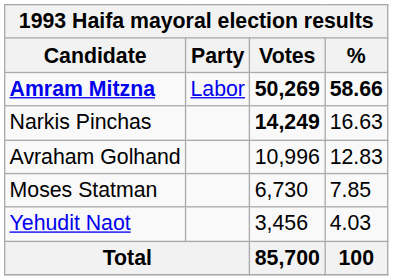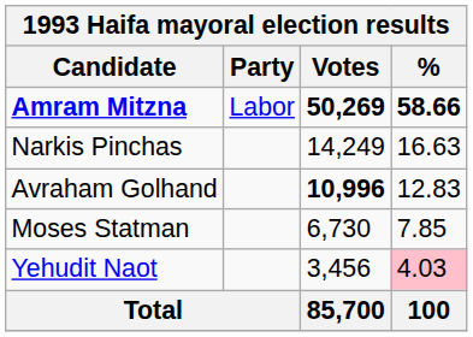 <table class="wikitable sortable">
 <tr>
 <th colspan=4><strong>1993 Haifa mayoral election results</strong></th>
 </tr>
 <tr>
 <th>Candidate</th>
 <th>Party</th>
 <th>Votes</th>
 <th>%</th>
 </tr>
 <tr>
 <td><strong><a href='#'>Amram Mitzna</a></strong></td>
 <td><a href='#'>Labor</a></td>
 <td><strong>50,269</strong></td>
 <td><strong>58.66</strong></td>
 </tr>
 <tr>
 <td>Narkis Pinchas</td>
 <td></td>
-<td><strong>14,249</strong></td>
+<td>14,249</td>
 <td>16.63</td>
 </tr>
 <tr>
 <td>Avraham Golhand</td>
 <td></td>
-<td>10,996</td>
+<td><strong>10,996</strong></td>
 <td>12.83</td>
 </tr>
 <tr>
 <td>Moses Statman</td>
 <td></td>
 <td>6,730</td>
 <td>7.85</td>
 </tr>
 <tr>
 <td><a href='#'>Yehudit Naot</a></td>
 <td></td>
 <td>3,456</td>
-<td>4.03</td>
+<td style="background: pink;">4.03</td>
 </tr>
 <tr>
 <th colspan=2>Total</th>
 <th>85,700</th>
 <th>100</th>
 </tr>
 <tr>
 </tr>
 </table>
